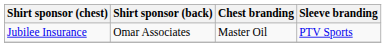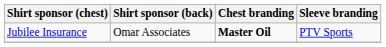 <table class="wikitable"  style="font-size:85%;">
 <tr>
 <th>Shirt sponsor (chest)</th>
 <th>Shirt sponsor (back)</th>
 <th>Chest branding</th>
 <th>Sleeve branding</th>
 </tr>
 <tr>
 <td><a href='#'>Jubilee Insurance</a></td>
 <td>Omar Associates</td>
-<td>Master Oil</td>
+<td><strong>Master Oil</strong></td>
 <td><a href='#'>PTV Sports</a></td>
 </tr>
 <tr>
 </tr>
 </table>
